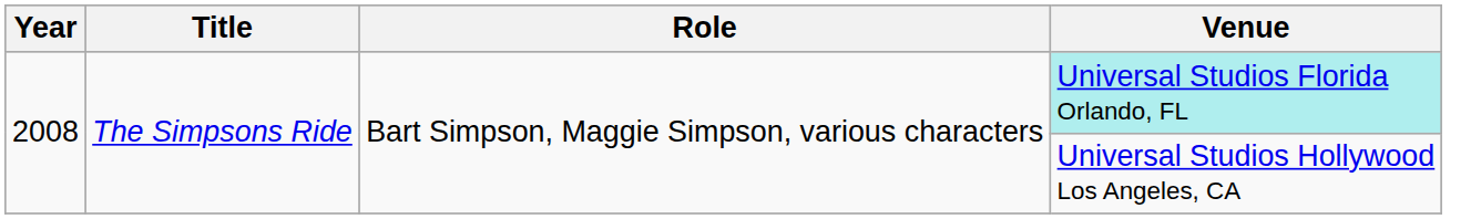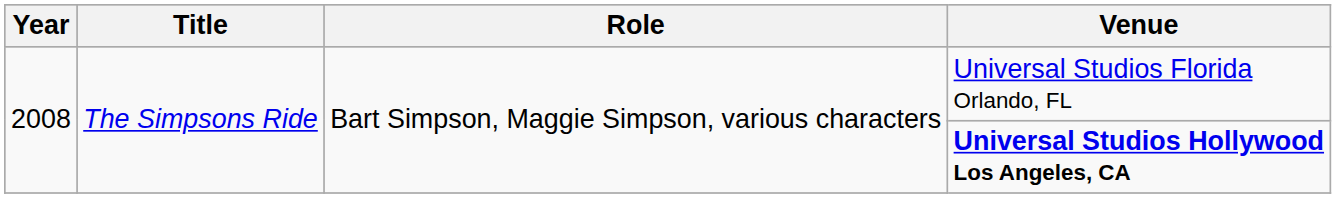 <table class="wikitable plainrowheaders sortable">
 <tr>
 <th scope="col">Year</th>
 <th scope="col">Title</th>
 <th scope="col">Role</th>
 <th scope="col">Venue</th>
 </tr>
 <tr>
 <td rowspan="2" scope="row">2008</td>
 <td rowspan="2"><em><a href='#'>The Simpsons Ride</a></em></td>
 <td rowspan="2">Bart Simpson, Maggie Simpson, various characters</td>
-<td style="background: paleturquoise;"><a href='#'>Universal Studios Florida</a><br><small>Orlando, FL</small></td>
+<td><a href='#'>Universal Studios Florida</a><br><small>Orlando, FL</small></td>
 </tr>
 <tr>
-<td><a href='#'>Universal Studios Hollywood</a><br><small>Los Angeles, CA</small></td>
+<td><strong><a href='#'>Universal Studios Hollywood</a><br><small>Los Angeles, CA</small></strong></td>
 </tr>
 </table>
